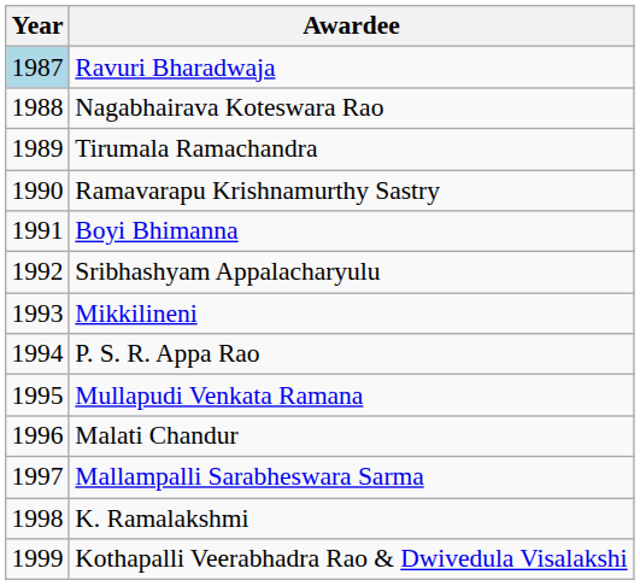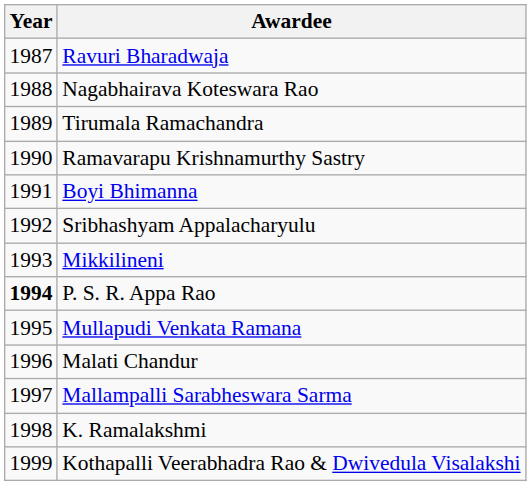 <table class="wikitable">
 <tr>
 <th>Year</th>
 <th>Awardee</th>
 </tr>
 <tr>
-<td style="background: lightblue;">1987</td>
+<td>1987</td>
 <td><a href='#'>Ravuri Bharadwaja</a></td>
 </tr>
 <tr>
 <td>1988</td>
 <td>Nagabhairava Koteswara Rao</td>
 </tr>
 <tr>
 <td>1989</td>
 <td>Tirumala Ramachandra</td>
 </tr>
 <tr>
 <td>1990</td>
 <td>Ramavarapu Krishnamurthy Sastry</td>
 </tr>
 <tr>
 <td>1991</td>
 <td><a href='#'>Boyi Bhimanna</a></td>
 </tr>
 <tr>
 <td>1992</td>
 <td>Sribhashyam Appalacharyulu</td>
 </tr>
 <tr>
 <td>1993</td>
 <td><a href='#'>Mikkilineni</a></td>
 </tr>
 <tr>
-<td>1994</td>
+<td><strong>1994</strong></td>
 <td>P. S. R. Appa Rao</td>
 </tr>
 <tr>
 <td>1995</td>
 <td><a href='#'>Mullapudi Venkata Ramana</a></td>
 </tr>
 <tr>
 <td>1996</td>
 <td>Malati Chandur</td>
 </tr>
 <tr>
 <td>1997</td>
 <td><a href='#'>Mallampalli Sarabheswara Sarma</a></td>
 </tr>
 <tr>
 <td>1998</td>
 <td>K. Ramalakshmi</td>
 </tr>
 <tr>
 <td>1999</td>
 <td>Kothapalli Veerabhadra Rao & <a href='#'>Dwivedula Visalakshi</a></td>
 </tr>
 </table>
